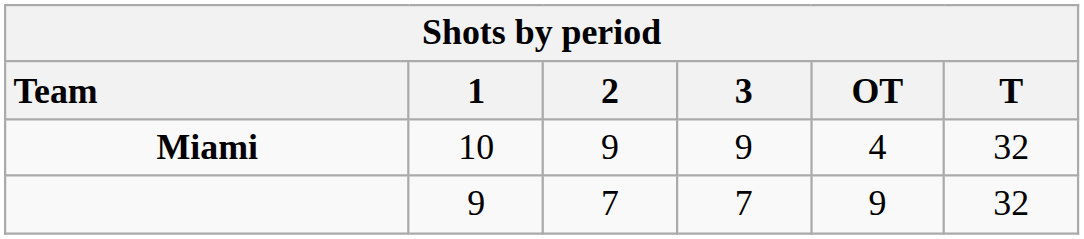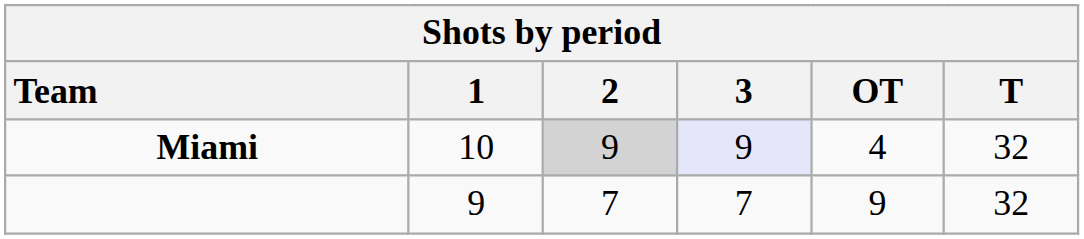 <table class="wikitable" style="width:30em; text-align:right;">
 <tr>
 <th colspan=6>Shots by period</th>
 </tr>
 <tr>
 <th style="width:10em; text-align:left;">Team</th>
 <th style="width:3em;">1</th>
 <th style="width:3em;">2</th>
 <th style="width:3em;">3</th>
 <th style="width:3em;">OT</th>
 <th style="width:3em;">T</th>
 </tr>
 <tr>
 <td align=center><strong>Miami</strong></td>
 <td align=center>10</td>
-<td align=center>9</td>
-<td align=center>9</td>
+<td align=center style="background: lightgrey;">9</td>
+<td align=center style="background: lavender;">9</td>
 <td align=center>4</td>
 <td align=center>32</td>
 </tr>
 <tr>
 <td align=center style=><strong></strong></td>
 <td align=center>9</td>
 <td align=center>7</td>
 <td align=center>7</td>
 <td align=center>9</td>
 <td align=center>32</td>
 </tr>
 </table>
